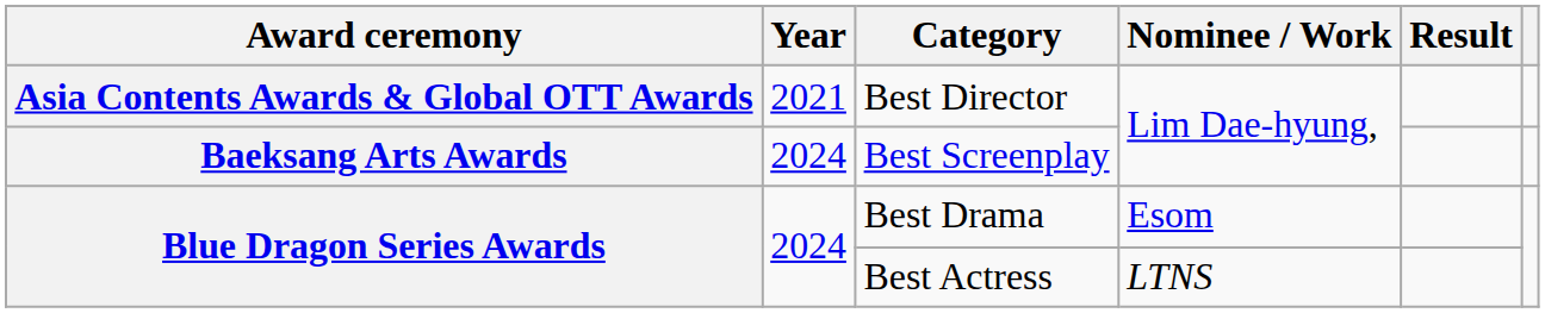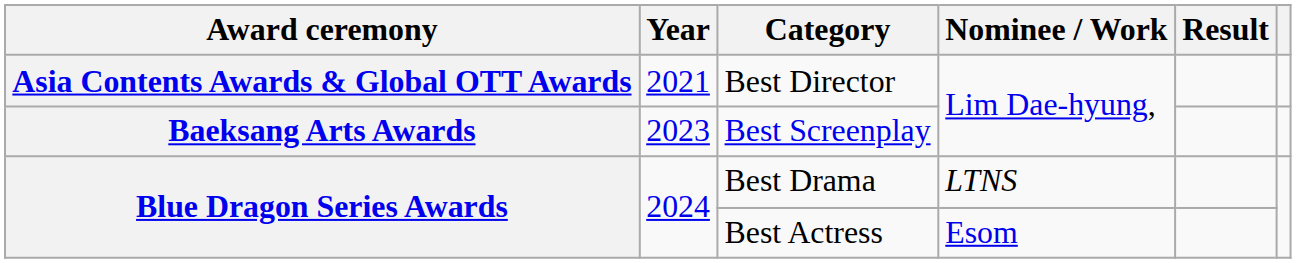 <table class="wikitable plainrowheaders sortable">
 <tr>
 <th scope="col">Award ceremony</th>
 <th scope="col">Year</th>
 <th scope="col">Category</th>
 <th scope="col">Nominee / Work</th>
 <th scope="col">Result</th>
 <th scope="col" class="unsortable"></th>
 </tr>
 <tr>
 <th scope="row"><a href='#'>Asia Contents Awards & Global OTT Awards</a></th>
 <td style="text-align:center"><a href='#'>2021</a></td>
 <td>Best Director</td>
 <td rowspan="2"><a href='#'>Lim Dae-hyung</a>, </td>
 <td></td>
 <td style="text-align:center"></td>
 </tr>
 <tr>
 <th scope="row"><a href='#'>Baeksang Arts Awards</a></th>
-<td style="text-align:center"><a href='#'>2024</a></td>
+<td style="text-align:center"><a href='#'>2023</a></td>
 <td><a href='#'>Best Screenplay</a></td>
 <td></td>
 <td style="text-align:center"></td>
 </tr>
 <tr>
 <th scope="row" rowspan="2"><a href='#'>Blue Dragon Series Awards</a></th>
 <td rowspan="2" style="text-align:center"><a href='#'>2024</a></td>
 <td>Best Drama</td>
-<td><a href='#'>Esom</a></td>
+<td><em>LTNS</em></td>
 <td></td>
 <td rowspan="2" style="text-align:center"></td>
 </tr>
 <tr>
 <td>Best Actress</td>
-<td><em>LTNS</em></td>
+<td><a href='#'>Esom</a></td>
 <td></td>
 </tr>
 </table>
